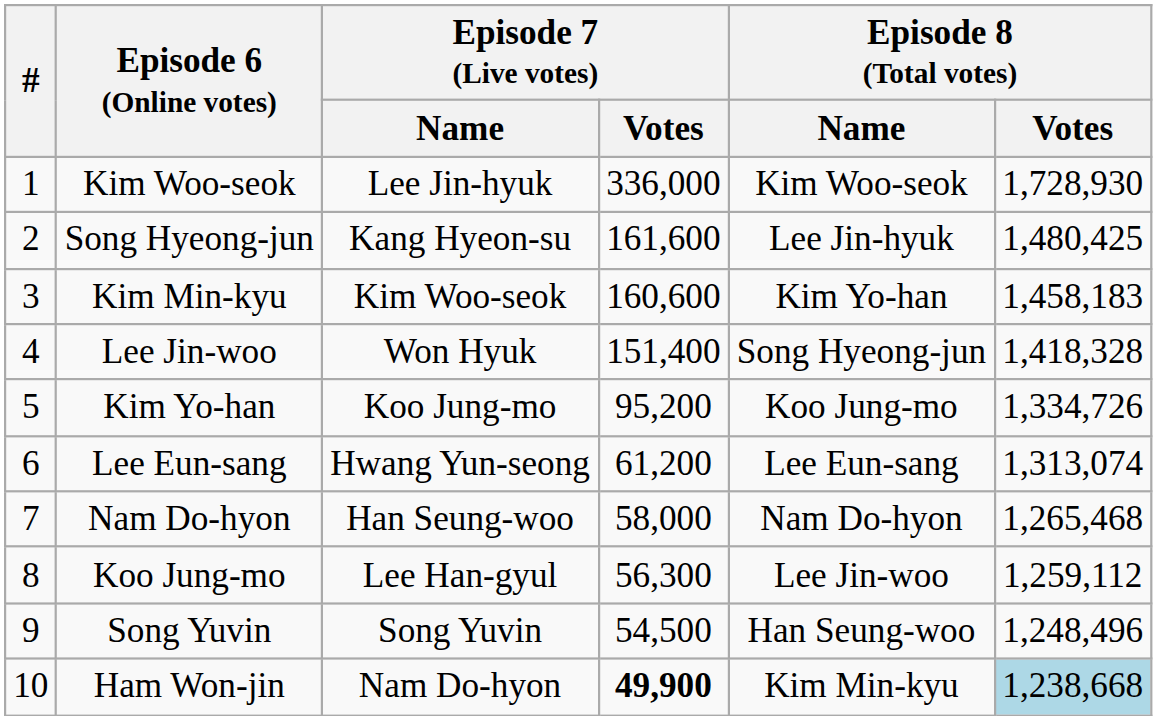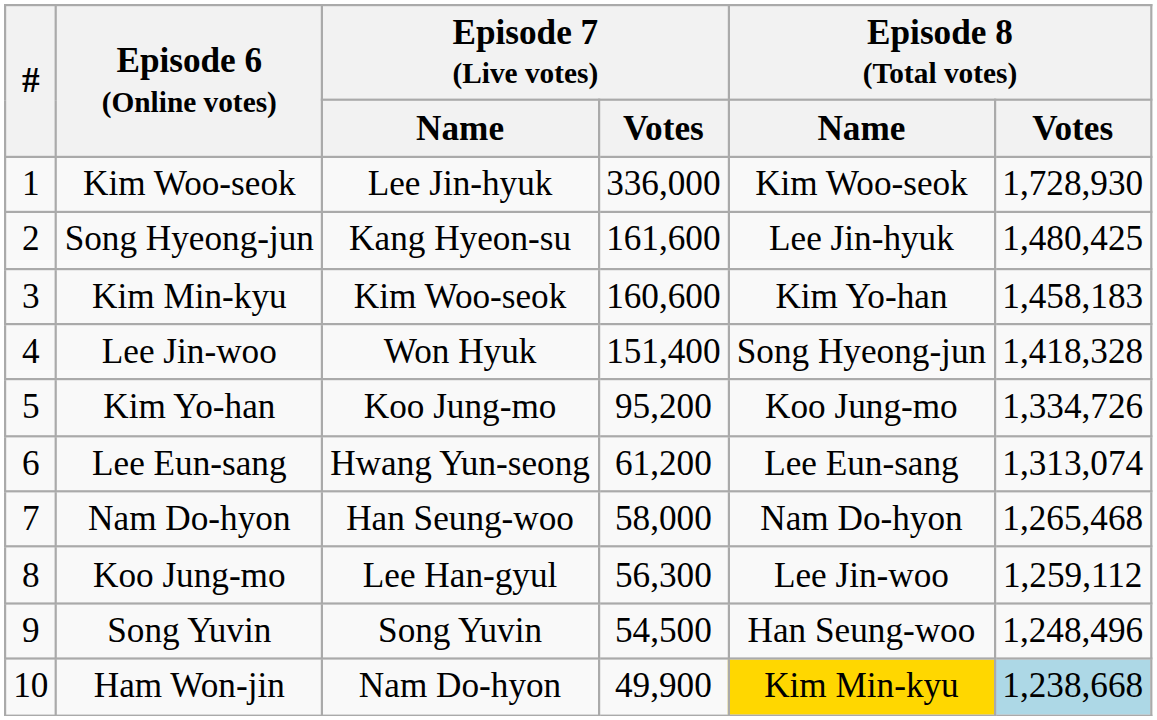 <table class="wikitable sortable" style="text-align:center;">
 <tr>
 <th rowspan="2">#</th>
 <th rowspan="2">Episode 6<br><small>(Online votes)</small></th>
 <th colspan="2">Episode 7<br><small>(Live votes)</small></th>
 <th colspan="2">Episode 8<br><small>(Total votes)</small></th>
 </tr>
 <tr>
 <th>Name</th>
 <th>Votes</th>
 <th>Name</th>
 <th>Votes</th>
 </tr>
 <tr>
 <td>1</td>
 <td>Kim Woo-seok</td>
 <td>Lee Jin-hyuk</td>
 <td>336,000</td>
 <td>Kim Woo-seok</td>
 <td>1,728,930</td>
 </tr>
 <tr>
 <td>2</td>
 <td>Song Hyeong-jun</td>
 <td>Kang Hyeon-su</td>
 <td>161,600</td>
 <td>Lee Jin-hyuk</td>
 <td>1,480,425</td>
 </tr>
 <tr>
 <td>3</td>
 <td>Kim Min-kyu</td>
 <td>Kim Woo-seok</td>
 <td>160,600</td>
 <td>Kim Yo-han</td>
 <td>1,458,183</td>
 </tr>
 <tr>
 <td>4</td>
 <td>Lee Jin-woo</td>
 <td>Won Hyuk</td>
 <td>151,400</td>
 <td>Song Hyeong-jun</td>
 <td>1,418,328</td>
 </tr>
 <tr>
 <td>5</td>
 <td>Kim Yo-han</td>
 <td>Koo Jung-mo</td>
 <td>95,200</td>
 <td>Koo Jung-mo</td>
 <td>1,334,726</td>
 </tr>
 <tr>
 <td>6</td>
 <td>Lee Eun-sang</td>
 <td>Hwang Yun-seong</td>
 <td>61,200</td>
 <td>Lee Eun-sang</td>
 <td>1,313,074</td>
 </tr>
 <tr>
 <td>7</td>
 <td>Nam Do-hyon</td>
 <td>Han Seung-woo</td>
 <td>58,000</td>
 <td>Nam Do-hyon</td>
 <td>1,265,468</td>
 </tr>
 <tr>
 <td>8</td>
 <td>Koo Jung-mo</td>
 <td>Lee Han-gyul</td>
 <td>56,300</td>
 <td>Lee Jin-woo</td>
 <td>1,259,112</td>
 </tr>
 <tr>
 <td>9</td>
 <td>Song Yuvin</td>
 <td>Song Yuvin</td>
 <td>54,500</td>
 <td>Han Seung-woo</td>
 <td>1,248,496</td>
 </tr>
 <tr>
 <td>10</td>
 <td>Ham Won-jin</td>
 <td>Nam Do-hyon</td>
-<td><strong>49,900</strong></td>
-<td>Kim Min-kyu</td>
+<td>49,900</td>
+<td style="background: gold;">Kim Min-kyu</td>
 <td style="background: lightblue;">1,238,668</td>
 </tr>
 </table>
